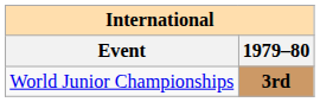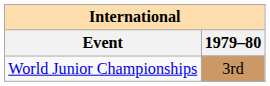 <table class="wikitable" style="text-align:center">
 <tr>
 <th style="background-color: #ffdead; " colspan=2 align=center>International</th>
 </tr>
 <tr>
 <th>Event</th>
 <th>1979–80</th>
 </tr>
 <tr>
 <td align=left><a href='#'>World Junior Championships</a></td>
-<td bgcolor=cc9966><strong>3rd</strong></td>
+<td bgcolor=cc9966>3rd</td>
 </tr>
 </table>
